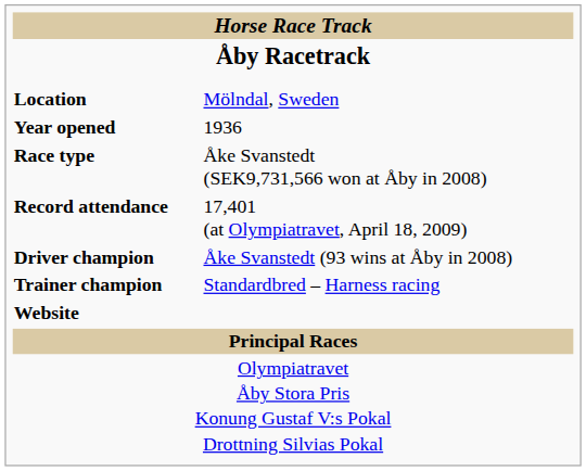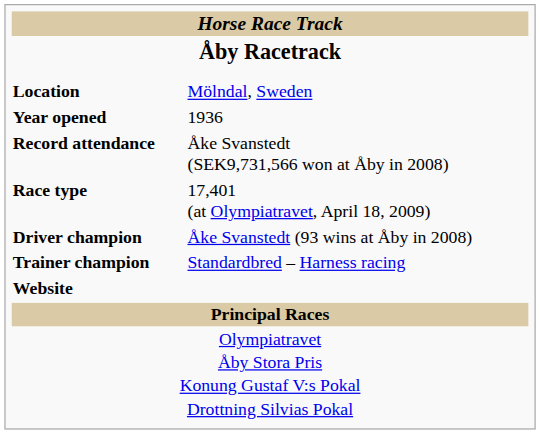 <table class="infobox" style="font-size:90%;width:30em;">
 <tr>
 <th style="font-size:110%;text-align:center;;background:#DACAA5;" colspan="2"><em>Horse Race Track</em></th>
 </tr>
 <tr>
 <th colspan="2" style="font-size:125%;text-align:center;">Åby Racetrack</th>
 </tr>
 <tr>
 <td colspan="2" style="font-size:90%;text-align:center;padding-bottom:.5em;"></td>
 </tr>
 <tr>
 <td><strong>Location</strong></td>
 <td><a href='#'>Mölndal</a>, <a href='#'>Sweden</a></td>
 </tr>
 <tr>
 <td><strong>Year opened</strong></td>
 <td>1936</td>
 </tr>
 <tr>
-<td><strong>Race type</strong></td>
+<td><strong>Record attendance</strong></td>
 <td>Åke Svanstedt<br>(SEK9,731,566 won at Åby in 2008)</td>
 </tr>
 <tr>
-<td><strong>Record attendance</strong></td>
+<td><strong>Race type</strong></td>
 <td>17,401 <br>(at <a href='#'>Olympiatravet</a>, April 18, 2009)</td>
 </tr>
 <tr>
 <td><strong>Driver champion</strong></td>
 <td><a href='#'>Åke Svanstedt</a> (93 wins at Åby in 2008)</td>
 </tr>
 <tr>
 <td><strong>Trainer champion</strong></td>
 <td><a href='#'>Standardbred</a> – <a href='#'>Harness racing</a></td>
 </tr>
 <tr>
 <td><strong>Website</strong></td>
 <td></td>
 </tr>
 <tr>
 <th style="background:#DACAA5;" colspan="2">Principal Races</th>
 </tr>
 <tr>
 <td colspan="2" style="text-align:center;width:25em; padding:0px; border:none;"><a href='#'>Olympiatravet</a></td>
 </tr>
 <tr>
 <td colspan="2" style="text-align:center;width:25em; padding:0px; border:none;"><a href='#'>Åby Stora Pris</a></td>
 </tr>
 <tr>
 <td colspan="2" style="text-align:center;width:25em; padding:0px; border:none;"><a href='#'>Konung Gustaf V:s Pokal</a></td>
 </tr>
 <tr>
 <td colspan="2" style="text-align:center;width:25em; padding:0px; border:none;"><a href='#'>Drottning Silvias Pokal</a></td>
 </tr>
 <tr>
 </tr>
 </table>
